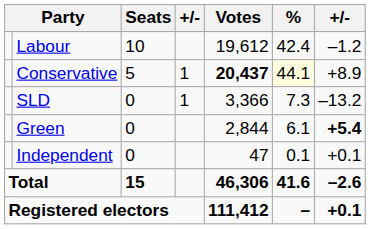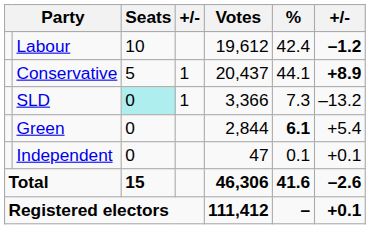 <table class="wikitable sortable">
 <tr>
 <th colspan="2">Party</th>
 <th>Seats</th>
 <th>+/-</th>
 <th>Votes</th>
 <th>%</th>
 <th>+/-</th>
 </tr>
 <tr>
 <td style="background-color: "></td>
 <td><a href='#'>Labour</a></td>
 <td>10</td>
 <td></td>
 <td style="text-align:right;">19,612</td>
 <td style="text-align:right;">42.4</td>
-<td style="text-align:right;">–1.2</td>
+<td style="text-align:right;"><strong>–1.2</strong></td>
 </tr>
 <tr>
 <td style="background-color: "></td>
 <td><a href='#'>Conservative</a></td>
 <td>5</td>
 <td> 1</td>
-<td style="text-align:right;"><strong>20,437</strong></td>
-<td style="background: lightyellow; text-align:right;">44.1</td>
-<td style="text-align:right;">+8.9</td>
+<td style="text-align:right;">20,437</td>
+<td style="text-align:right;">44.1</td>
+<td style="text-align:right;"><strong>+8.9</strong></td>
 </tr>
 <tr>
 <td style="background-color: "></td>
 <td><a href='#'>SLD</a></td>
-<td>0</td>
+<td style="background: paleturquoise;">0</td>
 <td> 1</td>
 <td style="text-align:right;">3,366</td>
 <td style="text-align:right;">7.3</td>
 <td style="text-align:right;">–13.2</td>
 </tr>
 <tr>
 <td style="background-color: "></td>
 <td><a href='#'>Green</a></td>
 <td>0</td>
 <td></td>
 <td style="text-align:right;">2,844</td>
-<td style="text-align:right;">6.1</td>
-<td style="text-align:right;"><strong>+5.4</strong></td>
+<td style="text-align:right;"><strong>6.1</strong></td>
+<td style="text-align:right;">+5.4</td>
 </tr>
 <tr>
 <td style="background-color: "></td>
 <td><a href='#'>Independent</a></td>
 <td>0</td>
 <td></td>
 <td style="text-align:right;">47</td>
 <td style="text-align:right;">0.1</td>
 <td style="text-align:right;">+0.1</td>
 </tr>
 <tr>
 <td colspan="2"><strong>Total</strong></td>
 <td><strong>15</strong></td>
 <td></td>
 <td style="text-align:right;"><strong>46,306</strong></td>
 <td style="text-align:right;"><strong>41.6</strong></td>
 <td style="text-align:right;"><strong>–2.6</strong></td>
 </tr>
 <tr>
 <td colspan="4"><strong>Registered electors</strong></td>
 <td style="text-align:right;"><strong>111,412</strong></td>
 <td style="text-align:right;"><strong>–</strong></td>
 <td style="text-align:right;"><strong>+0.1</strong></td>
 </tr>
 </table>
